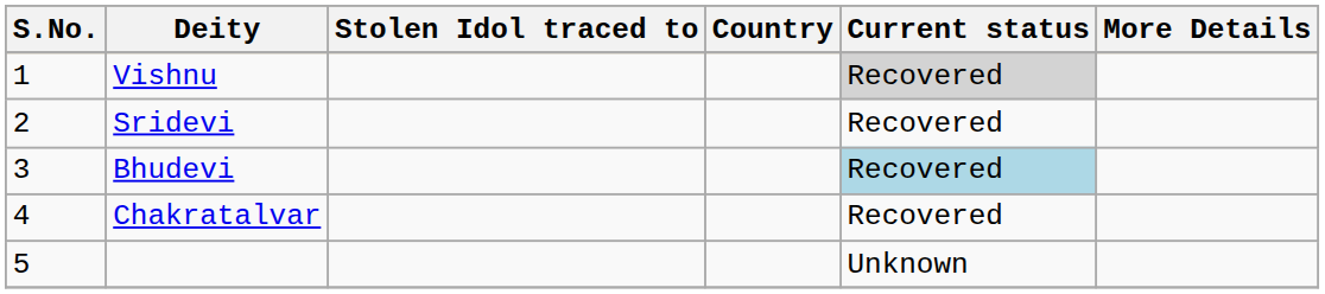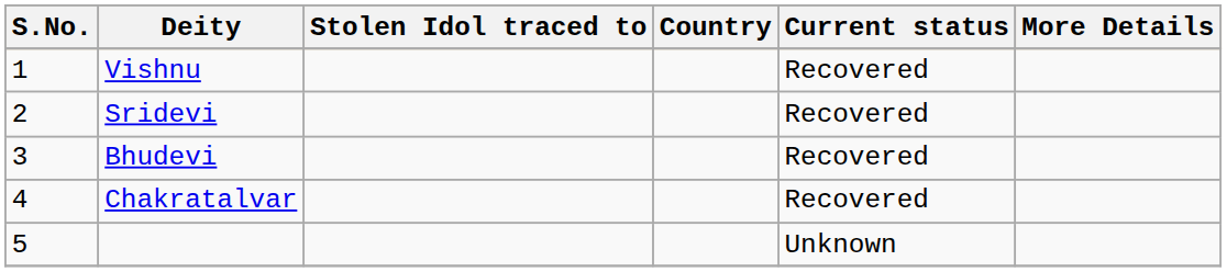 <table class="wikitable" sortable>
 <tr style="background:#FFC569">
 <th scope="col">S.No.</th>
 <th scope="col">Deity</th>
 <th scope="col">Stolen Idol traced to</th>
 <th scope="col">Country</th>
 <th scope="col">Current status</th>
 <th scope="col">More Details</th>
 </tr>
 <tr align="center">
 </tr>
 <tr style="background:#ffe;">
 </tr>
 <tr>
 <td>1</td>
 <td><a href='#'>Vishnu</a></td>
 <td></td>
 <td></td>
-<td style="background: lightgrey;">Recovered</td>
+<td>Recovered</td>
 <td></td>
 </tr>
 <tr>
 <td>2</td>
 <td><a href='#'>Sridevi</a></td>
 <td></td>
 <td></td>
 <td>Recovered</td>
 <td></td>
 </tr>
 <tr>
 <td>3</td>
 <td><a href='#'>Bhudevi</a></td>
 <td></td>
 <td></td>
-<td style="background: lightblue;">Recovered</td>
+<td>Recovered</td>
 <td></td>
 </tr>
 <tr>
 <td>4</td>
 <td><a href='#'>Chakratalvar</a></td>
 <td></td>
 <td></td>
 <td>Recovered</td>
 <td></td>
 </tr>
 <tr>
 <td>5</td>
 <td></td>
 <td></td>
 <td></td>
 <td>Unknown</td>
 <td></td>
 </tr>
 <tr>
 </tr>
 </table>
